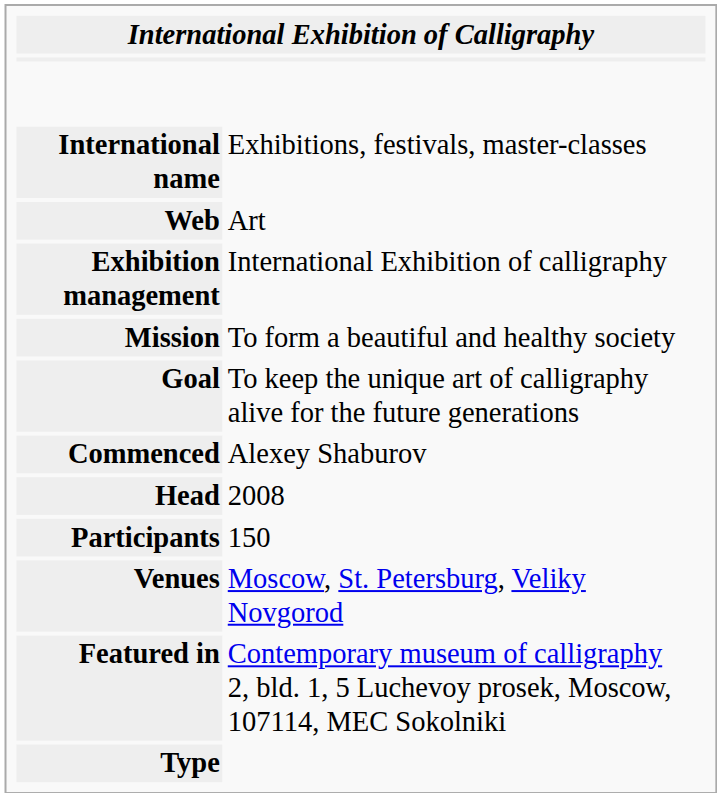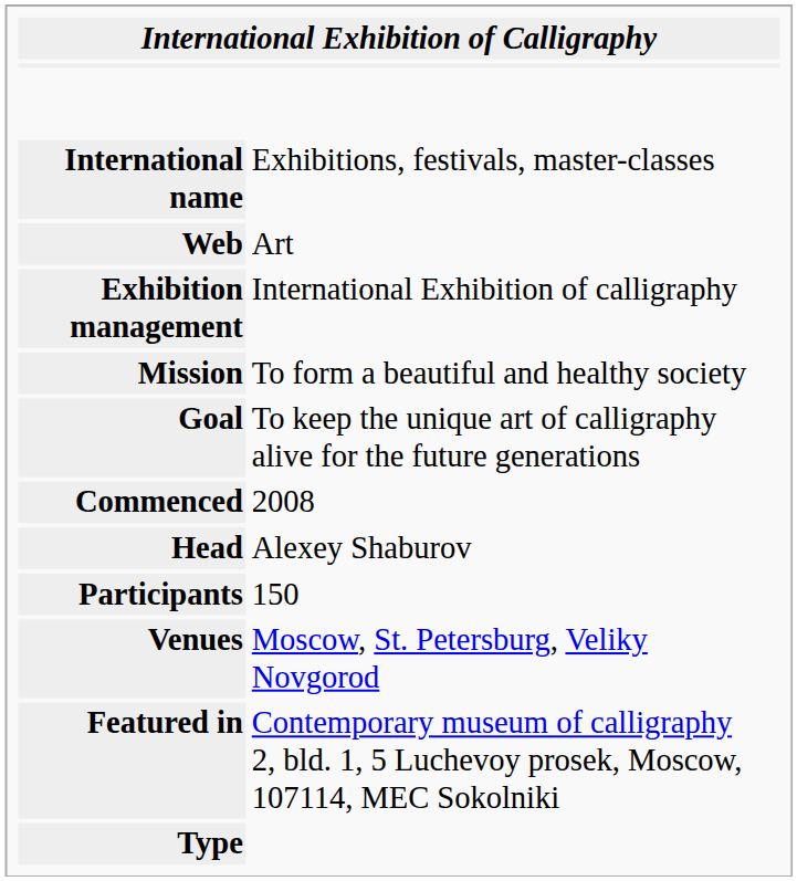 <table class="infobox" style="width: 25em; font-size: 90%; margin: 0 0 1em 1em; clear: right; text-align:left">
 <tr>
 <td colspan="2" style="text-align: center; background:#eee;"><strong><em>International Exhibition of Calligraphy</em></strong></td>
 </tr>
 <tr style="vertical-align: top;">
 <td colspan="2" style="text-align: center; background:#eee;"></td>
 </tr>
 <tr style="vertical-align: top;">
 <td colspan="2" style="padding: 1em 0; text-align: center;"></td>
 </tr>
 <tr style="vertical-align: top;">
 <td style="text-align:right; background:#eee; width:30%;"><strong>International name</strong></td>
 <td style="padding-right: 1em;">Exhibitions, festivals, master-classes</td>
 </tr>
 <tr style="vertical-align: top;">
 <td style="text-align: right; background:#eee;"><strong>Web</strong></td>
 <td style="padding-right: 1em;">Art</td>
 </tr>
 <tr style="vertical-align: top;">
 <td style="text-align: right; background:#eee;"><strong>Exhibition management</strong></td>
 <td style="padding-right: 1em;">International Exhibition of calligraphy</td>
 </tr>
 <tr style="vertical-align: top;">
 <td style="text-align: right; background:#eee;"><strong>Mission</strong></td>
 <td style="padding-right: 1em;">To form a beautiful and healthy society</td>
 </tr>
 <tr style="vertical-align: top;">
 <td style="text-align: right; background:#eee;"><strong>Goal</strong></td>
 <td style="padding-right: 1em;">To keep the unique art of calligraphy alive for the future generations</td>
 </tr>
 <tr style="vertical-align: top;">
 <td style="text-align: right; background:#eee;"><strong>Commenced</strong></td>
-<td style="padding-right: 1em;">Alexey Shaburov</td>
+<td style="padding-right: 1em;">2008</td>
 </tr>
 <tr style="vertical-align: top;">
 <td style="text-align: right; background:#eee;"><strong>Head</strong></td>
-<td style="padding-right: 1em;">2008</td>
+<td style="padding-right: 1em;">Alexey Shaburov</td>
 </tr>
 <tr style="vertical-align: top;">
 <td style="text-align: right; background:#eee;"><strong>Participants</strong></td>
 <td style="padding-right: 1em;">150</td>
 </tr>
 <tr style="vertical-align: top;">
 <td style="text-align: right; background:#eee;"><strong>Venues</strong></td>
 <td style="padding-right: 1em;"><a href='#'>Moscow</a>, <a href='#'>St. Petersburg</a>, <a href='#'>Veliky Novgorod</a></td>
 </tr>
 <tr style="vertical-align: top;">
 <td style="text-align: right; background:#eee;"><strong>Featured in</strong></td>
 <td style="padding-right: 1em;"><a href='#'>Contemporary museum of calligraphy</a> <br>2, bld. 1, 5 Luchevoy prosek, Moscow, 107114, MEC Sokolniki</td>
 </tr>
 <tr style="vertical-align: top;">
 <td style="text-align: right; background:#eee;"><strong>Type</strong></td>
 <td style="padding-right: 1em;"></td>
 </tr>
 </table>
